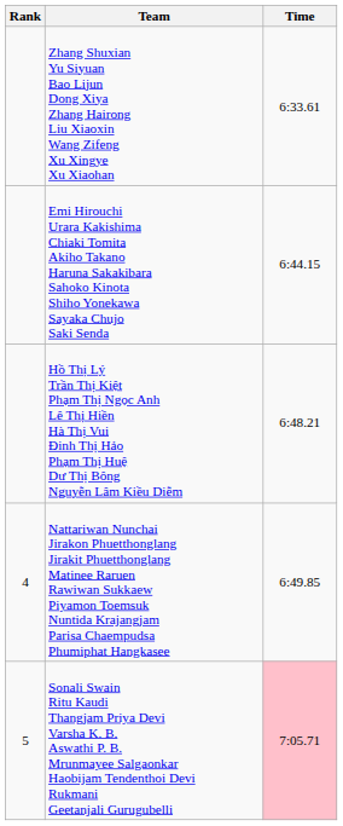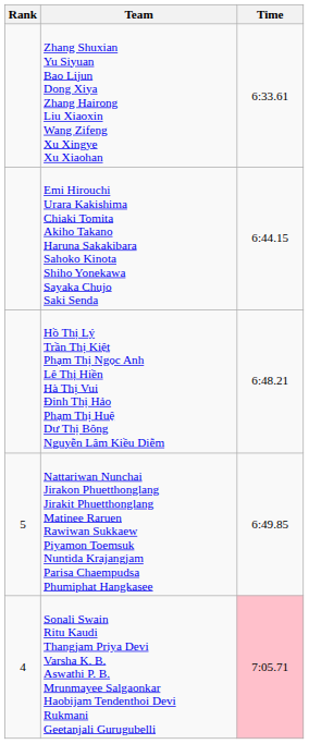 <table class=wikitable style="text-align:center">
 <tr>
 <th width=40>Rank</th>
 <th width=250>Team</th>
 <th width=80>Time</th>
 </tr>
 <tr>
 <td></td>
 <td align="left"><br><a href='#'>Zhang Shuxian</a><br><a href='#'>Yu Siyuan</a><br><a href='#'>Bao Lijun</a><br><a href='#'>Dong Xiya</a><br><a href='#'>Zhang Hairong</a><br><a href='#'>Liu Xiaoxin</a><br><a href='#'>Wang Zifeng</a><br><a href='#'>Xu Xingye</a><br><a href='#'>Xu Xiaohan</a></td>
 <td>6:33.61</td>
 </tr>
 <tr>
 <td></td>
 <td align="left"><br><a href='#'>Emi Hirouchi</a><br><a href='#'>Urara Kakishima</a><br><a href='#'>Chiaki Tomita</a><br><a href='#'>Akiho Takano</a><br><a href='#'>Haruna Sakakibara</a><br><a href='#'>Sahoko Kinota</a><br><a href='#'>Shiho Yonekawa</a><br><a href='#'>Sayaka Chujo</a><br><a href='#'>Saki Senda</a></td>
 <td>6:44.15</td>
 </tr>
 <tr>
 <td></td>
 <td align="left"><br><a href='#'>Hồ Thị Lý</a><br><a href='#'>Trần Thị Kiệt</a><br><a href='#'>Phạm Thị Ngọc Anh</a><br><a href='#'>Lê Thị Hiền</a><br><a href='#'>Hà Thị Vui</a><br><a href='#'>Đinh Thị Hảo</a><br><a href='#'>Phạm Thị Huệ</a><br><a href='#'>Dư Thị Bông</a><br><a href='#'>Nguyễn Lâm Kiều Diễm</a></td>
 <td>6:48.21</td>
 </tr>
 <tr>
-<td>4</td>
+<td>5</td>
 <td align="left"><br><a href='#'>Nattariwan Nunchai</a><br><a href='#'>Jirakon Phuetthonglang</a><br><a href='#'>Jirakit Phuetthonglang</a><br><a href='#'>Matinee Raruen</a><br><a href='#'>Rawiwan Sukkaew</a><br><a href='#'>Piyamon Toemsuk</a><br><a href='#'>Nuntida Krajangjam</a><br><a href='#'>Parisa Chaempudsa</a><br><a href='#'>Phumiphat Hangkasee</a></td>
 <td>6:49.85</td>
 </tr>
 <tr>
-<td>5</td>
+<td>4</td>
 <td align="left"><br><a href='#'>Sonali Swain</a><br><a href='#'>Ritu Kaudi</a><br><a href='#'>Thangjam Priya Devi</a><br><a href='#'>Varsha K. B.</a><br><a href='#'>Aswathi P. B.</a><br><a href='#'>Mrunmayee Salgaonkar</a><br><a href='#'>Haobijam Tendenthoi Devi</a><br><a href='#'>Rukmani</a><br><a href='#'>Geetanjali Gurugubelli</a></td>
 <td style="background: pink;">7:05.71</td>
 </tr>
 </table>
